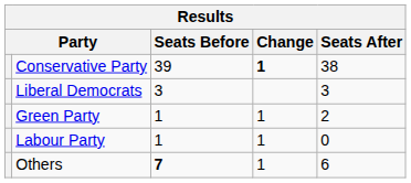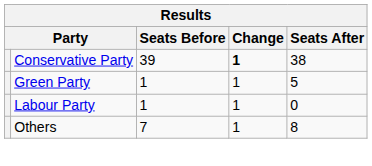 <table class="wikitable">
 <tr>
 <th colspan="5">Results</th>
 </tr>
 <tr>
 <th colspan="2">Party</th>
 <th>Seats Before</th>
 <th>Change</th>
 <th>Seats After</th>
 </tr>
 <tr>
 <th class="unsortable" style="background-color: "></th>
 <td><a href='#'>Conservative Party</a></td>
 <td>39</td>
 <td><strong>1</strong></td>
 <td>38</td>
 </tr>
 <tr>
 <th class="unsortable" style="background-color: "></th>
-<td><a href='#'>Liberal Democrats</a></td>
-<td>3</td>
-<td></td>
-<td>3</td>
-</tr>
-<tr>
-<th class="unsortable" style="background-color: "></th>
 <td><a href='#'>Green Party</a></td>
 <td>1</td>
 <td>1</td>
-<td>2</td>
+<td>5</td>
 </tr>
 <tr>
 <th class="unsortable" style="background-color: "></th>
 <td><a href='#'>Labour Party</a></td>
 <td>1</td>
 <td>1</td>
 <td>0</td>
 </tr>
 <tr>
 <th></th>
 <td>Others</td>
-<td><strong>7</strong></td>
+<td>7</td>
 <td>1</td>
-<td>6</td>
+<td>8</td>
 </tr>
 </table>
